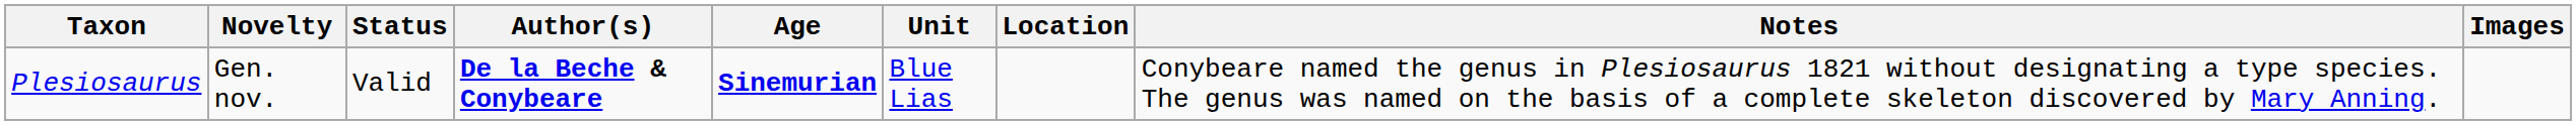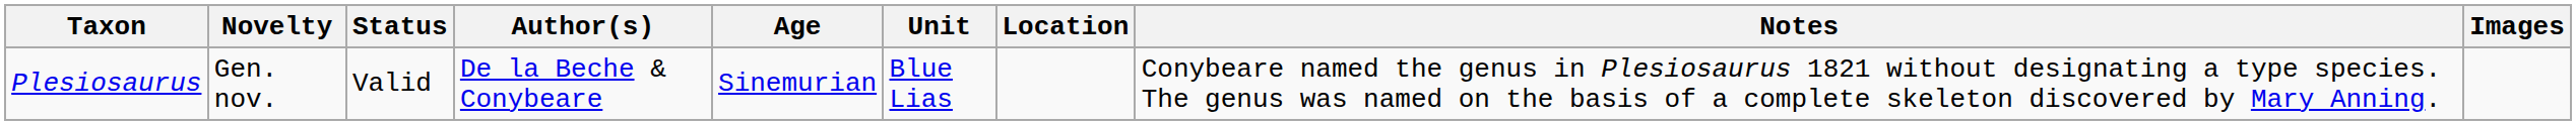 <table class="wikitable sortable" align="center" width="100%">
 <tr>
 <th>Taxon</th>
 <th>Novelty</th>
 <th>Status</th>
 <th>Author(s)</th>
 <th>Age</th>
 <th>Unit</th>
 <th>Location</th>
 <th>Notes</th>
 <th>Images</th>
 </tr>
 <tr>
 <td><em><a href='#'>Plesiosaurus</a></em></td>
 <td>Gen. nov.</td>
 <td>Valid</td>
-<td><strong><a href='#'>De la Beche</a> & <a href='#'>Conybeare</a></strong></td>
-<td><strong><a href='#'>Sinemurian</a></strong></td>
+<td><a href='#'>De la Beche</a> & <a href='#'>Conybeare</a></td>
+<td><a href='#'>Sinemurian</a></td>
 <td><a href='#'>Blue Lias</a></td>
 <td></td>
 <td>Conybeare named the genus in <em>Plesiosaurus</em> 1821 without designating a type species. The genus was named on the basis of a complete skeleton discovered by <a href='#'>Mary Anning</a>.</td>
 <td></td>
 </tr>
 <tr>
 </tr>
 </table>
